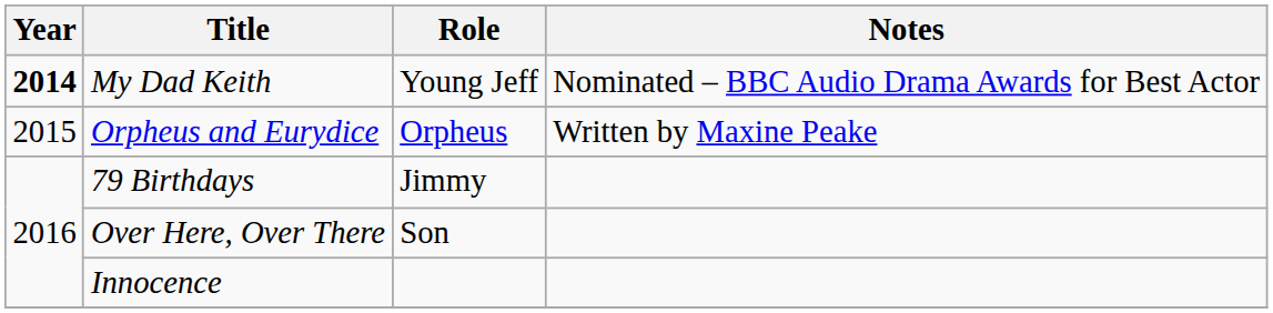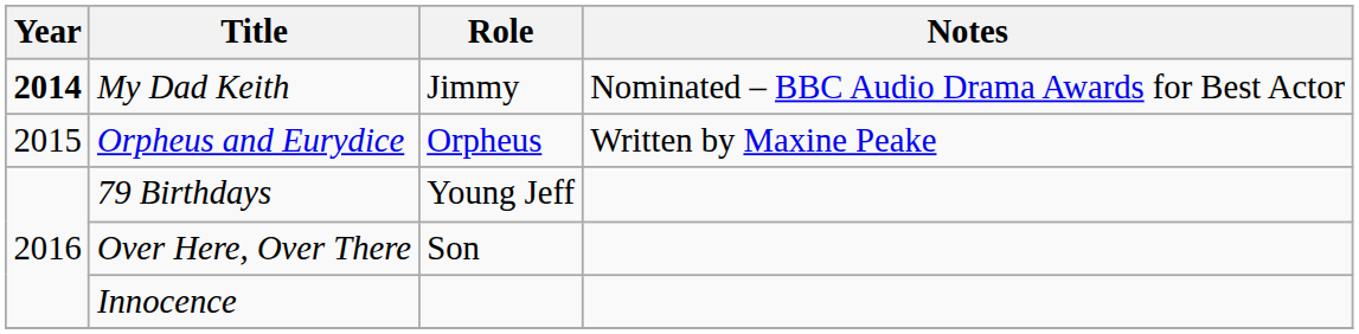 <table class="wikitable sortable">
 <tr>
 <th>Year</th>
 <th>Title</th>
 <th>Role</th>
 <th>Notes</th>
 </tr>
 <tr>
 <td><strong>2014</strong></td>
 <td><em>My Dad Keith</em></td>
-<td>Young Jeff</td>
+<td>Jimmy</td>
 <td>Nominated – <a href='#'>BBC Audio Drama Awards</a> for Best Actor</td>
 </tr>
 <tr>
 <td>2015</td>
 <td><em><a href='#'>Orpheus and Eurydice</a></em></td>
 <td><a href='#'>Orpheus</a></td>
 <td>Written by <a href='#'>Maxine Peake</a></td>
 </tr>
 <tr>
 <td rowspan="3">2016</td>
 <td><em>79 Birthdays</em></td>
-<td>Jimmy</td>
+<td>Young Jeff</td>
 <td></td>
 </tr>
 <tr>
 <td><em>Over Here, Over There</em></td>
 <td>Son</td>
 <td></td>
 </tr>
 <tr>
 <td><em>Innocence</em></td>
 <td></td>
 <td></td>
 </tr>
 <tr>
 </tr>
 </table>
